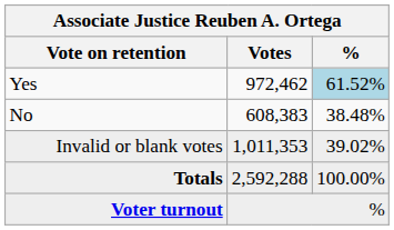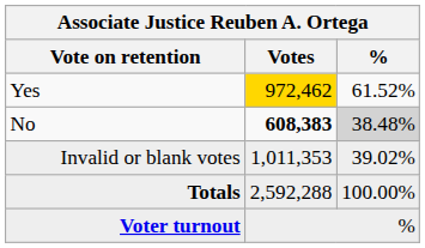 <table class="wikitable" style="font-size: 95%;">
 <tr style="background-color:#E9E9E9">
 <th colspan=7>Associate Justice Reuben A. Ortega</th>
 </tr>
 <tr style="background-color:#E9E9E9">
 <th style="width: 170px">Vote on retention</th>
 <th style="width: 50px">Votes</th>
 <th style="width: 40px">%</th>
 </tr>
 <tr>
 <td>Yes</td>
-<td align="right">972,462</td>
-<td align="right" style="background: lightblue;">61.52%</td>
+<td align="right" style="background: gold;">972,462</td>
+<td align="right">61.52%</td>
 </tr>
 <tr>
 <td>No</td>
-<td align="right">608,383</td>
-<td align="right">38.48%</td>
+<td align="right"><strong>608,383</strong></td>
+<td align="right" style="background: lightgrey;">38.48%</td>
 </tr>
 <tr style="background-color:#EEEEEE">
 <td align="right">Invalid or blank votes</td>
 <td align="right">1,011,353</td>
 <td align="right">39.02%</td>
 </tr>
 <tr style="background-color:#EEEEEE">
 <td colspan="1" align="right"><strong>Totals</strong></td>
 <td align="right">2,592,288</td>
 <td align="right">100.00%</td>
 </tr>
 <tr style="background-color:#EEEEEE">
 <td align="right"><strong><a href='#'>Voter turnout</a></strong></td>
 <td colspan="2" align="right">%</td>
 </tr>
 </table>
